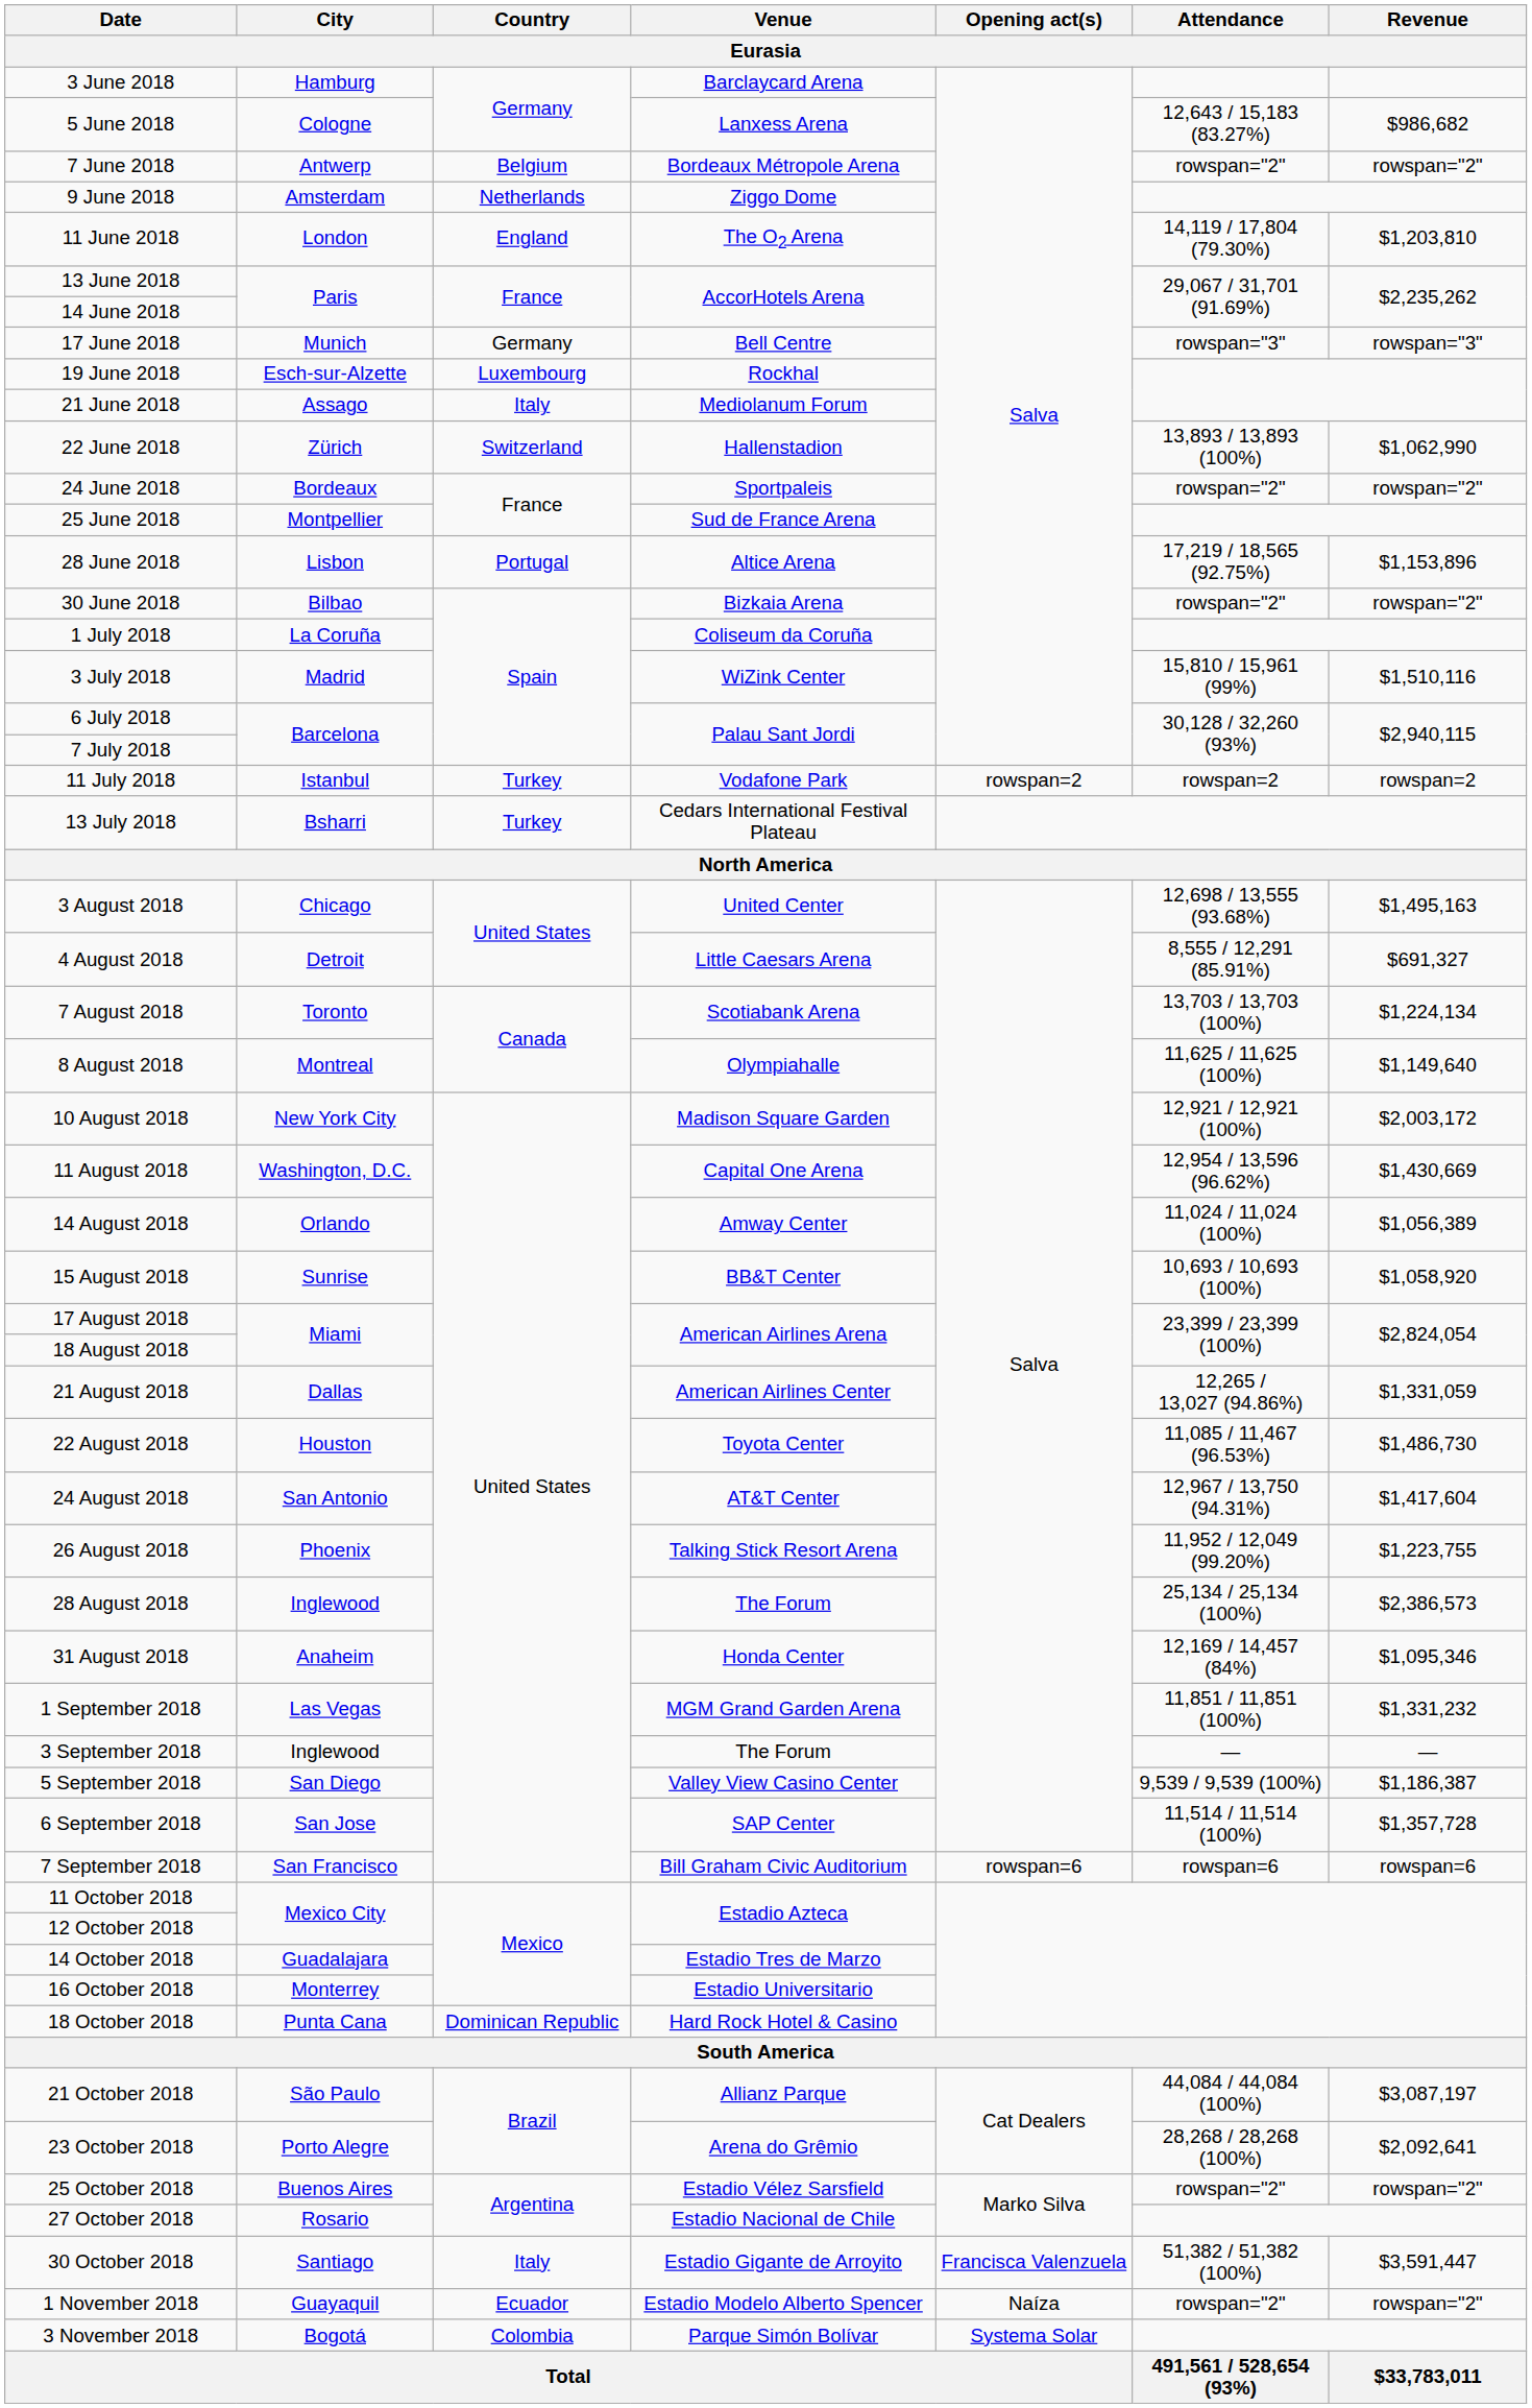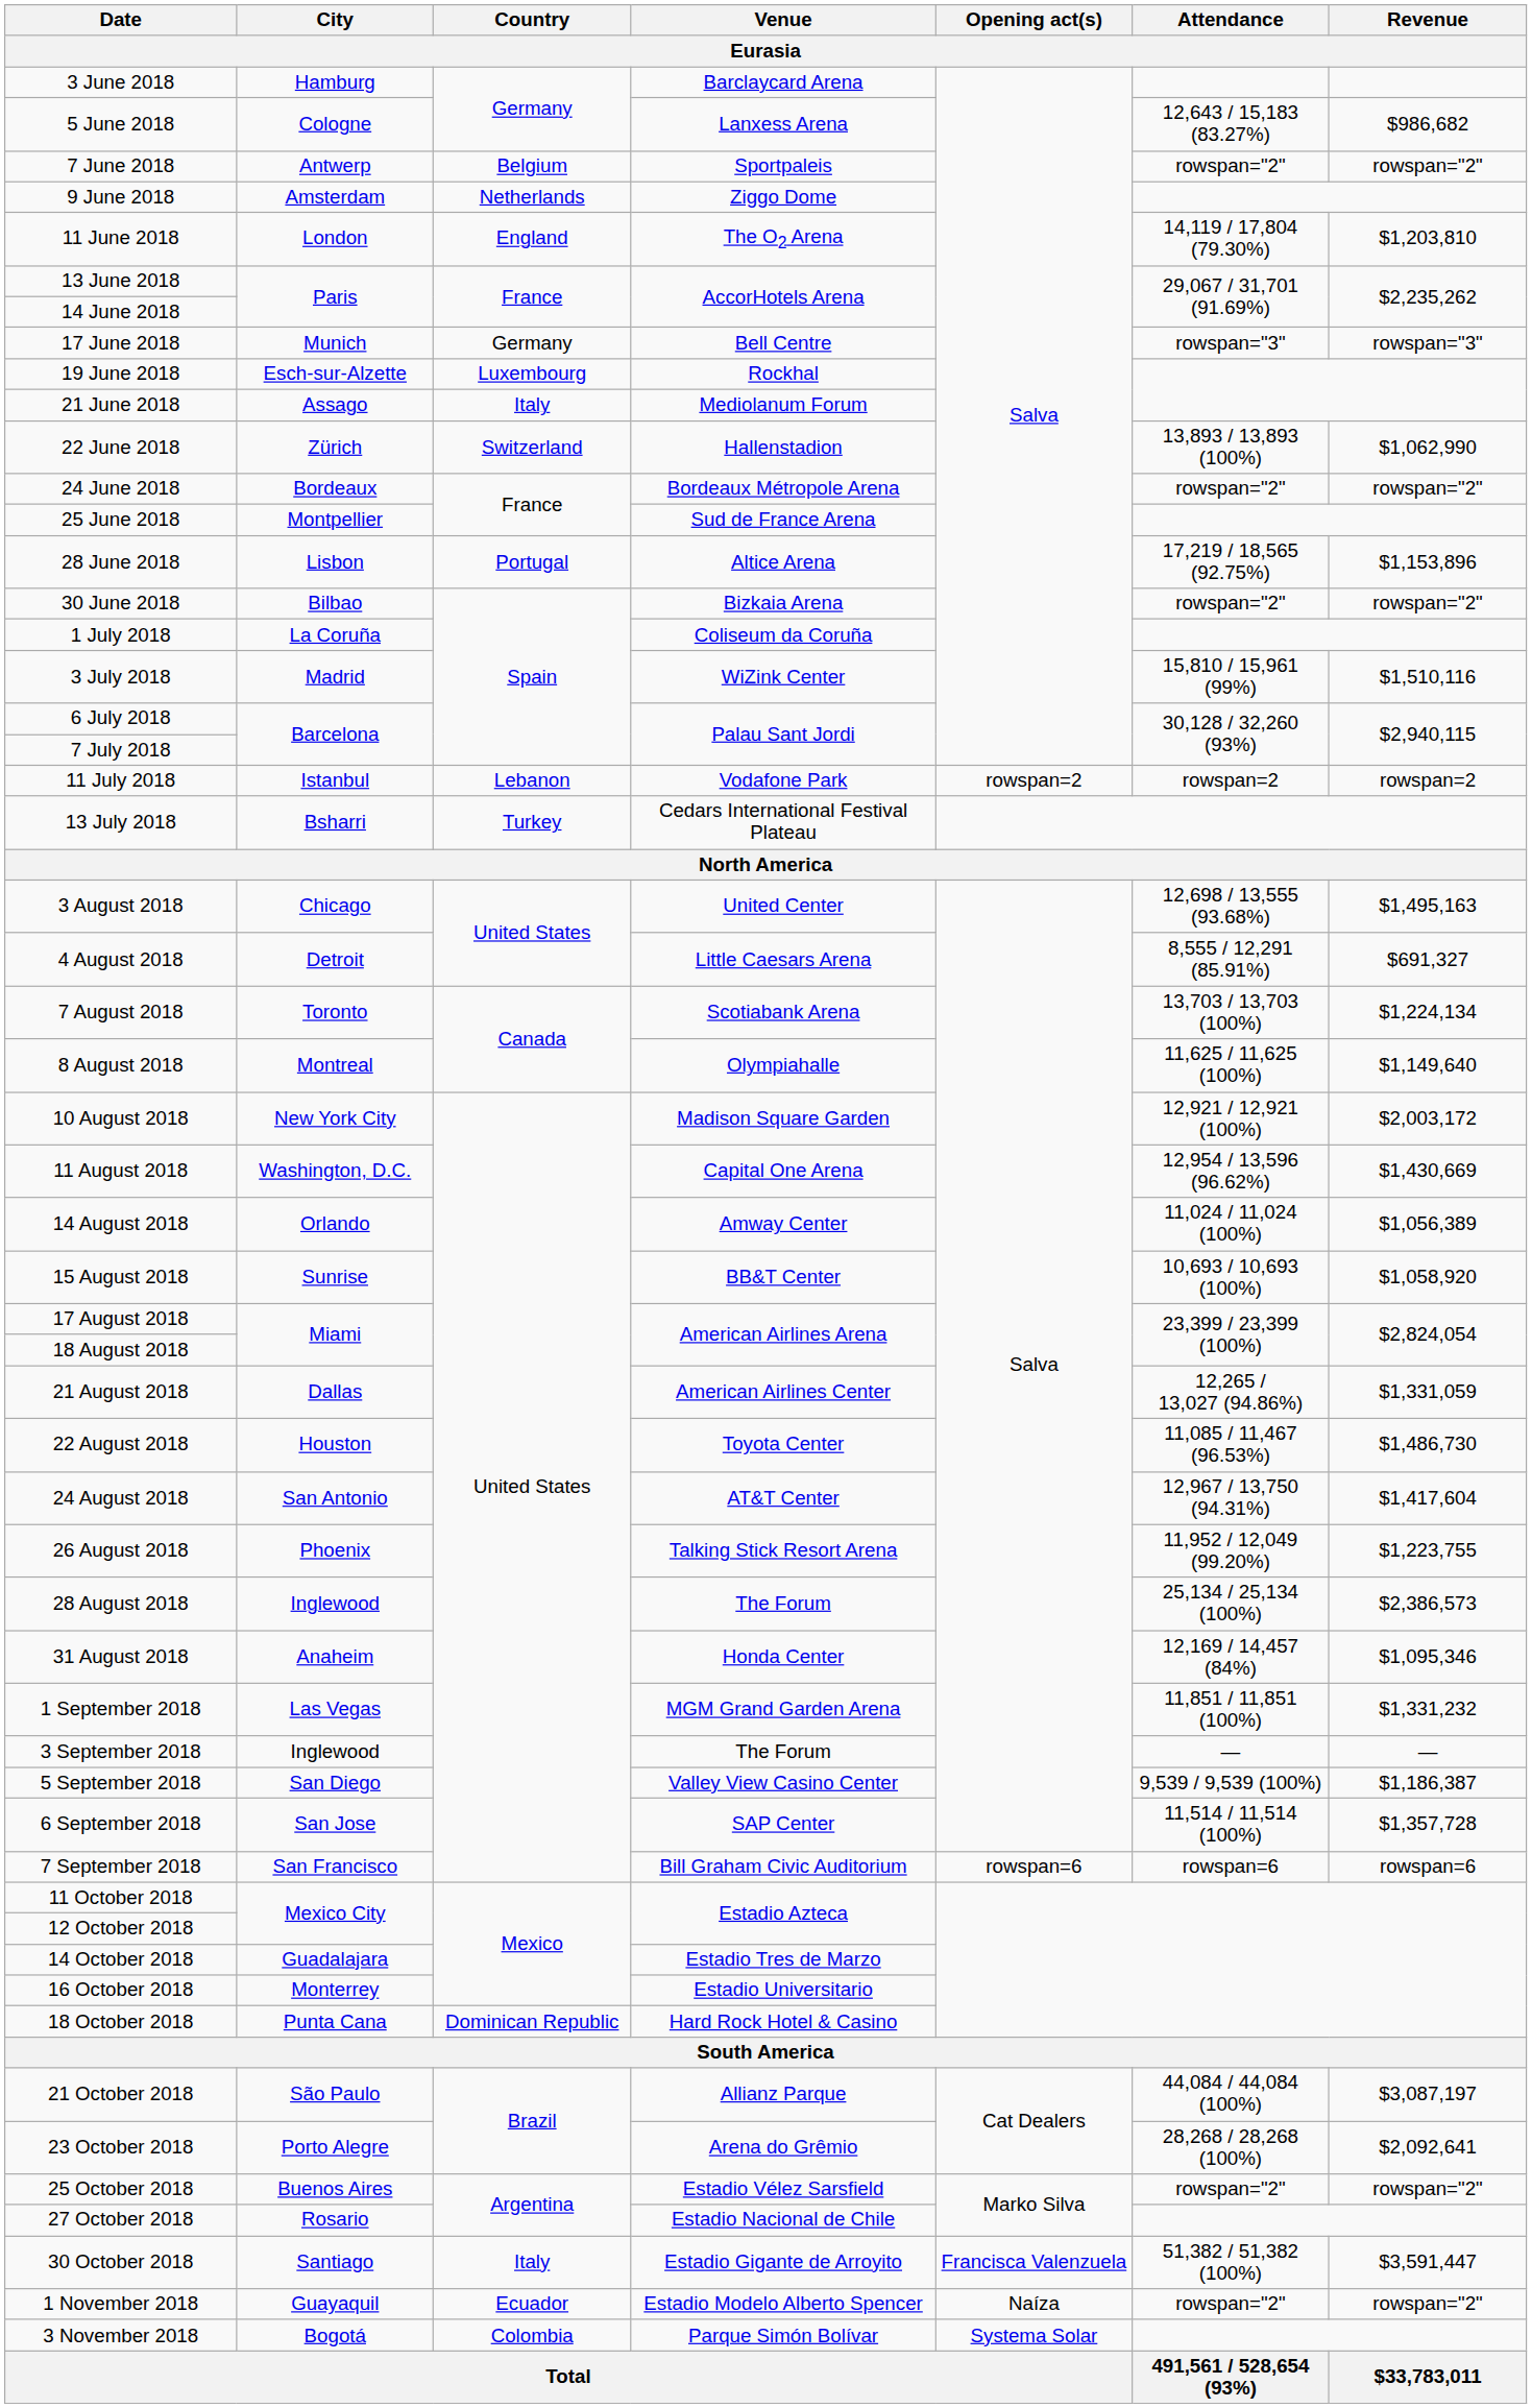 <table class="wikitable plainrowheaders" style="text-align:center;">
 <tr>
 <th scope="col" style="width:12em;">Date</th>
 <th scope="col" style="width:10em;">City</th>
 <th scope="col" style="width:10em;">Country</th>
 <th scope="col" style="width:16em;">Venue</th>
 <th scope="col" style="width:10em;">Opening act(s)</th>
 <th scope="col" style="width:10em;">Attendance</th>
 <th scope="col" style="width:10em;">Revenue</th>
 </tr>
 <tr>
 <th colspan="7">Eurasia</th>
 </tr>
 <tr>
 <td>3 June 2018</td>
 <td><a href='#'>Hamburg</a></td>
 <td rowspan="2"><a href='#'>Germany</a></td>
 <td><a href='#'>Barclaycard Arena</a></td>
 <td rowspan="19"><a href='#'>Salva</a></td>
 <td></td>
 <td></td>
 </tr>
 <tr>
 <td>5 June 2018</td>
 <td><a href='#'>Cologne</a></td>
 <td><a href='#'>Lanxess Arena</a></td>
 <td>12,643 / 15,183<br>(83.27%)</td>
 <td>$986,682</td>
 </tr>
 <tr>
 <td>7 June 2018</td>
 <td><a href='#'>Antwerp</a></td>
 <td><a href='#'>Belgium</a></td>
-<td><a href='#'>Bordeaux Métropole Arena</a></td>
+<td><a href='#'>Sportpaleis</a></td>
 <td>rowspan="2" </td>
 <td>rowspan="2" </td>
 </tr>
 <tr>
 <td>9 June 2018</td>
 <td><a href='#'>Amsterdam</a></td>
 <td><a href='#'>Netherlands</a></td>
 <td><a href='#'>Ziggo Dome</a></td>
 </tr>
 <tr>
 <td>11 June 2018</td>
 <td><a href='#'>London</a></td>
 <td><a href='#'>England</a></td>
 <td><a href='#'>The O<sub>2</sub> Arena</a></td>
 <td>14,119 / 17,804<br>(79.30%)</td>
 <td>$1,203,810</td>
 </tr>
 <tr>
 <td>13 June 2018</td>
 <td rowspan="2"><a href='#'>Paris</a></td>
 <td rowspan="2"><a href='#'>France</a></td>
 <td rowspan="2"><a href='#'>AccorHotels Arena</a></td>
 <td rowspan="2">29,067 / 31,701<br>(91.69%)</td>
 <td rowspan="2">$2,235,262</td>
 </tr>
 <tr>
 <td>14 June 2018</td>
 </tr>
 <tr>
 <td>17 June 2018</td>
 <td><a href='#'>Munich</a></td>
 <td>Germany</td>
 <td><a href='#'>Bell Centre</a></td>
 <td>rowspan="3" </td>
 <td>rowspan="3" </td>
 </tr>
 <tr>
 <td>19 June 2018</td>
 <td><a href='#'>Esch-sur-Alzette</a></td>
 <td><a href='#'>Luxembourg</a></td>
 <td><a href='#'>Rockhal</a></td>
 </tr>
 <tr>
 <td>21 June 2018</td>
 <td><a href='#'>Assago</a></td>
 <td><a href='#'>Italy</a></td>
 <td><a href='#'>Mediolanum Forum</a></td>
 </tr>
 <tr>
 <td>22 June 2018</td>
 <td><a href='#'>Zürich</a></td>
 <td><a href='#'>Switzerland</a></td>
 <td><a href='#'>Hallenstadion</a></td>
 <td>13,893 / 13,893 (100%)</td>
 <td>$1,062,990</td>
 </tr>
 <tr>
 <td>24 June 2018</td>
 <td><a href='#'>Bordeaux</a></td>
 <td rowspan="2">France</td>
-<td><a href='#'>Sportpaleis</a></td>
+<td><a href='#'>Bordeaux Métropole Arena</a></td>
 <td>rowspan="2" </td>
 <td>rowspan="2" </td>
 </tr>
 <tr>
 <td>25 June 2018</td>
 <td><a href='#'>Montpellier</a></td>
 <td><a href='#'>Sud de France Arena</a></td>
 </tr>
 <tr>
 <td>28 June 2018</td>
 <td><a href='#'>Lisbon</a></td>
 <td><a href='#'>Portugal</a></td>
 <td><a href='#'>Altice Arena</a></td>
 <td>17,219 / 18,565<br>(92.75%)</td>
 <td>$1,153,896</td>
 </tr>
 <tr>
 <td>30 June 2018</td>
 <td><a href='#'>Bilbao</a></td>
 <td rowspan="5"><a href='#'>Spain</a></td>
 <td><a href='#'>Bizkaia Arena</a></td>
 <td>rowspan="2" </td>
 <td>rowspan="2" </td>
 </tr>
 <tr>
 <td>1 July 2018</td>
 <td><a href='#'>La Coruña</a></td>
 <td><a href='#'>Coliseum da Coruña</a></td>
 </tr>
 <tr>
 <td>3 July 2018</td>
 <td><a href='#'>Madrid</a></td>
 <td><a href='#'>WiZink Center</a></td>
 <td>15,810 / 15,961<br>(99%)</td>
 <td>$1,510,116</td>
 </tr>
 <tr>
 <td>6 July 2018</td>
 <td rowspan="2"><a href='#'>Barcelona</a></td>
 <td rowspan="2"><a href='#'>Palau Sant Jordi</a></td>
 <td rowspan="2">30,128 / 32,260<br>(93%)</td>
 <td rowspan="2">$2,940,115</td>
 </tr>
 <tr>
 <td>7 July 2018</td>
 </tr>
 <tr>
 <td>11 July 2018</td>
 <td><a href='#'>Istanbul</a></td>
-<td><a href='#'>Turkey</a></td>
+<td><a href='#'>Lebanon</a></td>
 <td><a href='#'>Vodafone Park</a></td>
 <td>rowspan=2 </td>
 <td>rowspan=2 </td>
 <td>rowspan=2 </td>
 </tr>
 <tr>
 <td>13 July 2018</td>
 <td><a href='#'>Bsharri</a></td>
 <td><a href='#'>Turkey</a></td>
 <td>Cedars International Festival Plateau</td>
 </tr>
 <tr>
 <th colspan="7">North America</th>
 </tr>
 <tr>
 <td>3 August 2018</td>
 <td><a href='#'>Chicago</a></td>
 <td rowspan="2"><a href='#'>United States</a></td>
 <td><a href='#'>United Center</a></td>
 <td rowspan="20">Salva</td>
 <td>12,698 / 13,555 (93.68%)</td>
 <td>$1,495,163</td>
 </tr>
 <tr>
 <td>4 August 2018</td>
 <td><a href='#'>Detroit</a></td>
 <td><a href='#'>Little Caesars Arena</a></td>
 <td>8,555 / 12,291 (85.91%)</td>
 <td>$691,327</td>
 </tr>
 <tr>
 <td>7 August 2018</td>
 <td><a href='#'>Toronto</a></td>
 <td rowspan="2"><a href='#'>Canada</a></td>
 <td><a href='#'>Scotiabank Arena</a></td>
 <td>13,703 / 13,703 (100%)</td>
 <td>$1,224,134</td>
 </tr>
 <tr>
 <td>8 August 2018</td>
 <td><a href='#'>Montreal</a></td>
 <td><a href='#'>Olympiahalle</a></td>
 <td>11,625 / 11,625 (100%)</td>
 <td>$1,149,640</td>
 </tr>
 <tr>
 <td>10 August 2018</td>
 <td><a href='#'>New York City</a></td>
 <td rowspan="17">United States</td>
 <td><a href='#'>Madison Square Garden</a></td>
 <td>12,921 / 12,921 (100%)</td>
 <td>$2,003,172</td>
 </tr>
 <tr>
 <td>11 August 2018</td>
 <td><a href='#'>Washington, D.C.</a></td>
 <td><a href='#'>Capital One Arena</a></td>
 <td>12,954 / 13,596 (96.62%)</td>
 <td>$1,430,669</td>
 </tr>
 <tr>
 <td>14 August 2018</td>
 <td><a href='#'>Orlando</a></td>
 <td><a href='#'>Amway Center</a></td>
 <td>11,024 / 11,024 (100%)</td>
 <td>$1,056,389</td>
 </tr>
 <tr>
 <td>15 August 2018</td>
 <td><a href='#'>Sunrise</a></td>
 <td><a href='#'>BB&T Center</a></td>
 <td>10,693 / 10,693 (100%)</td>
 <td>$1,058,920</td>
 </tr>
 <tr>
 <td>17 August 2018</td>
 <td rowspan="2"><a href='#'>Miami</a></td>
 <td rowspan="2"><a href='#'>American Airlines Arena</a></td>
 <td rowspan="2">23,399 / 23,399 (100%)</td>
 <td rowspan="2">$2,824,054</td>
 </tr>
 <tr>
 <td>18 August 2018</td>
 </tr>
 <tr>
 <td>21 August 2018</td>
 <td><a href='#'>Dallas</a></td>
 <td><a href='#'>American Airlines Center</a></td>
 <td>12,265 /<br>13,027 (94.86%)</td>
 <td>$1,331,059</td>
 </tr>
 <tr>
 <td>22 August 2018</td>
 <td><a href='#'>Houston</a></td>
 <td><a href='#'>Toyota Center</a></td>
 <td>11,085 / 11,467 (96.53%)</td>
 <td>$1,486,730</td>
 </tr>
 <tr>
 <td>24 August 2018</td>
 <td><a href='#'>San Antonio</a></td>
 <td><a href='#'>AT&T Center</a></td>
 <td>12,967 / 13,750 (94.31%)</td>
 <td>$1,417,604</td>
 </tr>
 <tr>
 <td>26 August 2018</td>
 <td><a href='#'>Phoenix</a></td>
 <td><a href='#'>Talking Stick Resort Arena</a></td>
 <td>11,952 / 12,049 (99.20%)</td>
 <td>$1,223,755</td>
 </tr>
 <tr>
 <td>28 August 2018</td>
 <td><a href='#'>Inglewood</a></td>
 <td><a href='#'>The Forum</a></td>
 <td>25,134 / 25,134 (100%)</td>
 <td>$2,386,573</td>
 </tr>
 <tr>
 <td>31 August 2018</td>
 <td><a href='#'>Anaheim</a></td>
 <td><a href='#'>Honda Center</a></td>
 <td>12,169 / 14,457 (84%)</td>
 <td>$1,095,346</td>
 </tr>
 <tr>
 <td>1 September 2018</td>
 <td><a href='#'>Las Vegas</a></td>
 <td><a href='#'>MGM Grand Garden Arena</a></td>
 <td>11,851 / 11,851 (100%)</td>
 <td>$1,331,232</td>
 </tr>
 <tr>
 <td>3 September 2018</td>
 <td>Inglewood</td>
 <td>The Forum</td>
 <td>—</td>
 <td>—</td>
 </tr>
 <tr>
 <td>5 September 2018</td>
 <td><a href='#'>San Diego</a></td>
 <td><a href='#'>Valley View Casino Center</a></td>
 <td>9,539 / 9,539 (100%)</td>
 <td>$1,186,387</td>
 </tr>
 <tr>
 <td>6 September 2018</td>
 <td><a href='#'>San Jose</a></td>
 <td><a href='#'>SAP Center</a></td>
 <td>11,514 / 11,514 (100%)</td>
 <td>$1,357,728</td>
 </tr>
 <tr>
 <td>7 September 2018</td>
 <td><a href='#'>San Francisco</a></td>
 <td><a href='#'>Bill Graham Civic Auditorium</a></td>
 <td>rowspan=6 </td>
 <td>rowspan=6 </td>
 <td>rowspan=6 </td>
 </tr>
 <tr>
 <td>11 October 2018</td>
 <td rowspan="2"><a href='#'>Mexico City</a></td>
 <td rowspan="4"><a href='#'>Mexico</a></td>
 <td rowspan="2"><a href='#'>Estadio Azteca</a></td>
 </tr>
 <tr>
 <td>12 October 2018</td>
 </tr>
 <tr>
 <td>14 October 2018</td>
 <td><a href='#'>Guadalajara</a></td>
 <td><a href='#'>Estadio Tres de Marzo</a></td>
 </tr>
 <tr>
 <td>16 October 2018</td>
 <td><a href='#'>Monterrey</a></td>
 <td><a href='#'>Estadio Universitario</a></td>
 </tr>
 <tr>
 <td>18 October 2018</td>
 <td><a href='#'>Punta Cana</a></td>
 <td><a href='#'>Dominican Republic</a></td>
 <td><a href='#'>Hard Rock Hotel & Casino</a></td>
 </tr>
 <tr>
 <th colspan="7">South America</th>
 </tr>
 <tr>
 <td>21 October 2018</td>
 <td><a href='#'>São Paulo</a></td>
 <td rowspan="2"><a href='#'>Brazil</a></td>
 <td><a href='#'>Allianz Parque</a></td>
 <td rowspan="2">Cat Dealers</td>
 <td>44,084 / 44,084 (100%)</td>
 <td>$3,087,197</td>
 </tr>
 <tr>
 <td>23 October 2018</td>
 <td><a href='#'>Porto Alegre</a></td>
 <td><a href='#'>Arena do Grêmio</a></td>
 <td>28,268 / 28,268 (100%)</td>
 <td>$2,092,641</td>
 </tr>
 <tr>
 <td>25 October 2018</td>
 <td><a href='#'>Buenos Aires</a></td>
 <td rowspan="2"><a href='#'>Argentina</a></td>
 <td><a href='#'>Estadio Vélez Sarsfield</a></td>
 <td rowspan="2">Marko Silva</td>
 <td>rowspan="2" </td>
 <td>rowspan="2" </td>
 </tr>
 <tr>
 <td>27 October 2018</td>
 <td><a href='#'>Rosario</a></td>
 <td><a href='#'>Estadio Nacional de Chile</a></td>
 </tr>
 <tr>
 <td>30 October 2018</td>
 <td><a href='#'>Santiago</a></td>
 <td><a href='#'>Italy</a></td>
 <td><a href='#'>Estadio Gigante de Arroyito</a></td>
 <td><a href='#'>Francisca Valenzuela</a></td>
 <td>51,382 / 51,382 (100%)</td>
 <td>$3,591,447</td>
 </tr>
 <tr>
 <td>1 November 2018</td>
 <td><a href='#'>Guayaquil</a></td>
 <td><a href='#'>Ecuador</a></td>
 <td><a href='#'>Estadio Modelo Alberto Spencer</a></td>
 <td>Naíza</td>
 <td>rowspan="2" </td>
 <td>rowspan="2" </td>
 </tr>
 <tr>
 <td>3 November 2018</td>
 <td><a href='#'>Bogotá</a></td>
 <td><a href='#'>Colombia</a></td>
 <td><a href='#'>Parque Simón Bolívar</a></td>
 <td><a href='#'>Systema Solar</a></td>
 </tr>
 <tr>
 <th colspan="5">Total</th>
 <th>491,561 / 528,654 (93%)</th>
 <th>$33,783,011</th>
 </tr>
 </table>
